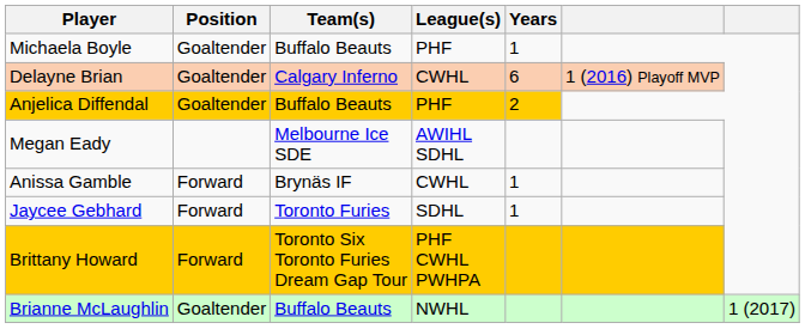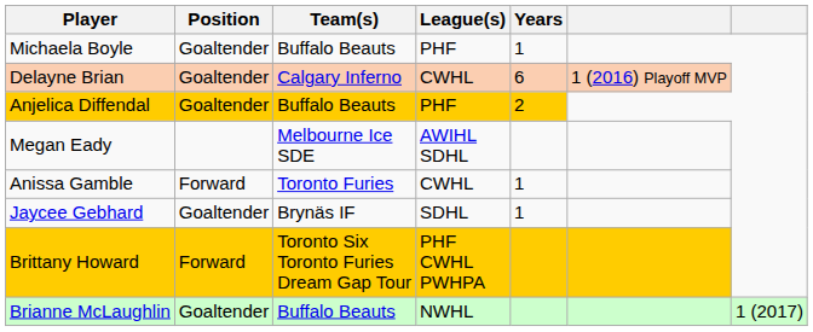 <table class="wikitable sortable">
 <tr>
 <th>Player</th>
 <th>Position</th>
 <th>Team(s)</th>
 <th>League(s)</th>
 <th>Years</th>
 <th><a href='#'></a></th>
 <th><a href='#'></a></th>
 </tr>
 <tr bgcolor=>
 <td>Michaela Boyle</td>
 <td>Goaltender</td>
 <td>Buffalo Beauts</td>
 <td>PHF</td>
 <td>1</td>
 </tr>
 <tr bgcolor= FBCEB1>
 <td>Delayne Brian</td>
 <td>Goaltender</td>
 <td><a href='#'>Calgary Inferno</a></td>
 <td>CWHL</td>
 <td>6</td>
 <td>1 (<a href='#'>2016</a>) <small>Playoff MVP</small></td>
 </tr>
 <tr bgcolor= #FFCC00>
 <td>Anjelica Diffendal</td>
 <td>Goaltender</td>
 <td>Buffalo Beauts</td>
 <td>PHF</td>
 <td>2</td>
 </tr>
 <tr bgcolor=>
 <td>Megan Eady</td>
 <td></td>
 <td><a href='#'>Melbourne Ice</a><br>SDE</td>
 <td><a href='#'>AWIHL</a><br>SDHL</td>
 <td></td>
 <td></td>
 </tr>
 <tr bgcolor=>
 <td>Anissa Gamble</td>
 <td>Forward</td>
-<td>Brynäs IF</td>
+<td><a href='#'>Toronto Furies</a></td>
 <td>CWHL</td>
 <td>1</td>
 <td></td>
 </tr>
 <tr bgcolor=>
 <td><a href='#'>Jaycee Gebhard</a></td>
-<td>Forward</td>
-<td><a href='#'>Toronto Furies</a></td>
+<td>Goaltender</td>
+<td>Brynäs IF</td>
 <td>SDHL</td>
 <td>1</td>
 <td></td>
 </tr>
 <tr bgcolor= #FFCC00>
 <td>Brittany Howard</td>
 <td>Forward</td>
 <td>Toronto Six<br>Toronto Furies<br>Dream Gap Tour</td>
 <td>PHF<br>CWHL<br>PWHPA</td>
 <td></td>
 <td></td>
 </tr>
 <tr bgcolor= CCFFCC>
 <td><a href='#'>Brianne McLaughlin</a></td>
 <td>Goaltender</td>
 <td><a href='#'>Buffalo Beauts</a></td>
 <td>NWHL</td>
 <td></td>
 <td></td>
 <td>1 (2017)</td>
 </tr>
 </table>
